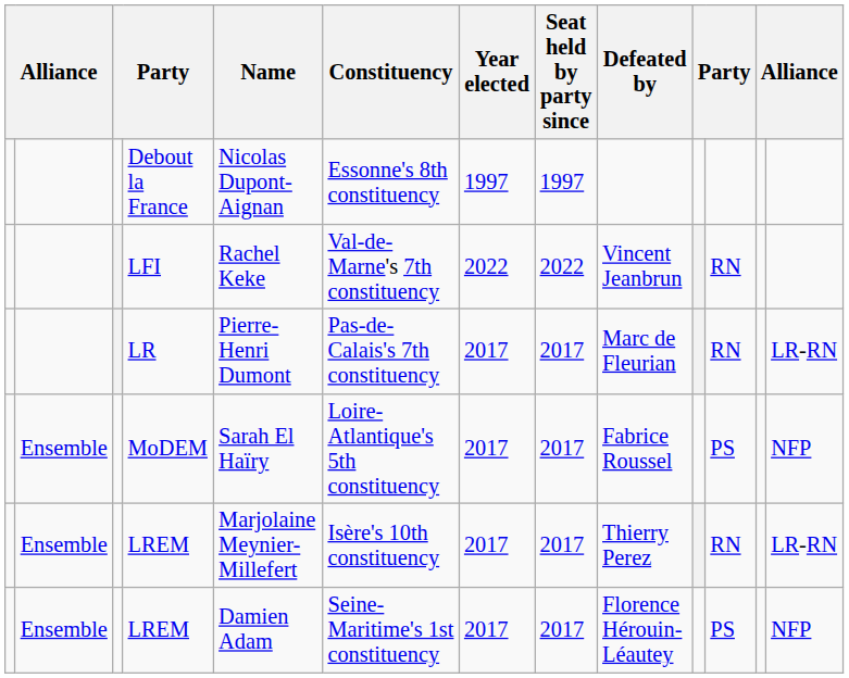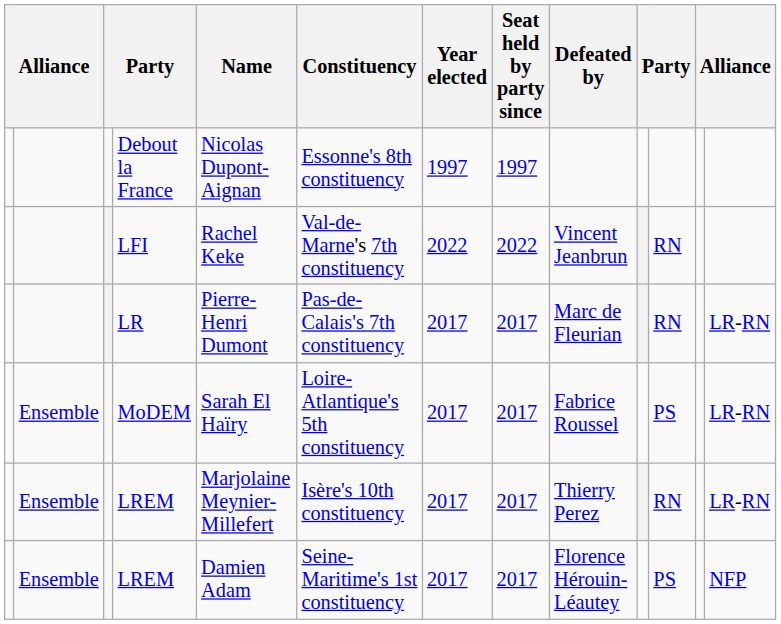 <table class="wikitable">
 <tr>
 <th colspan="2">Alliance</th>
 <th colspan="2">Party</th>
 <th>Name</th>
 <th>Constituency</th>
 <th>Year elected</th>
 <th>Seat held by<br>party since</th>
 <th>Defeated by</th>
 <th colspan="2">Party</th>
 <th colspan="2">Alliance</th>
 </tr>
 <tr>
 <td></td>
 <td></td>
 <td></td>
 <td><a href='#'>Debout la France</a></td>
 <td><a href='#'>Nicolas Dupont-Aignan</a></td>
 <td><a href='#'>Essonne's 8th constituency</a></td>
 <td><a href='#'>1997</a></td>
 <td><a href='#'>1997</a></td>
 <td></td>
 <td></td>
 <td></td>
 <td></td>
 <td></td>
 </tr>
 <tr>
 <td></td>
 <td></td>
 <th style="background-color: "></th>
 <td><a href='#'>LFI</a></td>
 <td><a href='#'>Rachel Keke</a></td>
 <td><a href='#'>Val-de-Marne</a>'s <a href='#'>7th constituency</a></td>
 <td><a href='#'>2022</a></td>
 <td><a href='#'>2022</a></td>
 <td><a href='#'>Vincent Jeanbrun</a></td>
 <th style="background-color: "></th>
 <td><a href='#'>RN</a></td>
 <td></td>
 <td></td>
 </tr>
 <tr>
 <td></td>
 <td></td>
 <th style="background-color: "></th>
 <td><a href='#'>LR</a></td>
 <td><a href='#'>Pierre-Henri Dumont</a></td>
 <td><a href='#'>Pas-de-Calais's 7th constituency</a></td>
 <td><a href='#'>2017</a></td>
 <td><a href='#'>2017</a></td>
 <td><a href='#'>Marc de Fleurian</a></td>
 <th style="background-color: "></th>
 <td><a href='#'>RN</a></td>
 <td></td>
 <td><a href='#'>LR</a>-<a href='#'>RN</a></td>
 </tr>
 <tr>
 <td></td>
 <td><a href='#'>Ensemble</a></td>
 <td style="color:inherit;background:"></td>
 <td><a href='#'>MoDEM</a></td>
 <td><a href='#'>Sarah El Haïry</a></td>
 <td><a href='#'>Loire-Atlantique's 5th constituency</a></td>
 <td><a href='#'>2017</a></td>
 <td><a href='#'>2017</a></td>
 <td><a href='#'>Fabrice Roussel</a></td>
 <td style="color:inherit;background:"></td>
 <td><a href='#'>PS</a></td>
 <td></td>
-<td><a href='#'>NFP</a></td>
+<td><a href='#'>LR</a>-<a href='#'>RN</a></td>
 </tr>
 <tr>
 <td></td>
 <td><a href='#'>Ensemble</a></td>
 <td style="color:inherit;background-color: "></td>
 <td><a href='#'>LREM</a></td>
 <td><a href='#'>Marjolaine Meynier-Millefert</a></td>
 <td><a href='#'>Isère's 10th constituency</a></td>
 <td><a href='#'>2017</a></td>
 <td><a href='#'>2017</a></td>
 <td><a href='#'>Thierry Perez</a></td>
 <th style="background-color: "></th>
 <td><a href='#'>RN</a></td>
 <td></td>
 <td><a href='#'>LR</a>-<a href='#'>RN</a></td>
 </tr>
 <tr>
 <td></td>
 <td><a href='#'>Ensemble</a></td>
 <td style="color:inherit;background-color: "></td>
 <td><a href='#'>LREM</a></td>
 <td><a href='#'>Damien Adam</a></td>
 <td><a href='#'>Seine-Maritime's 1st constituency</a></td>
 <td><a href='#'>2017</a></td>
 <td><a href='#'>2017</a></td>
 <td><a href='#'>Florence Hérouin-Léautey</a></td>
 <td style="color:inherit;background:"></td>
 <td><a href='#'>PS</a></td>
 <td></td>
 <td><a href='#'>NFP</a></td>
 </tr>
 </table>
